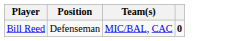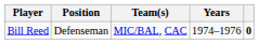 <table class="wikitable">
 <tr>
 <th>Player</th>
 <th>Position</th>
 <th>Team(s)</th>
+<th>Years</th>
 <th><a href='#'></a></th>
 </tr>
 <tr>
 <td><a href='#'>Bill Reed</a></td>
 <td>Defenseman</td>
 <td><a href='#'>MIC/BAL</a>, <a href='#'>CAC</a></td>
+<td>1974–1976</td>
 <td><strong>0</strong></td>
 </tr>
 </table>
